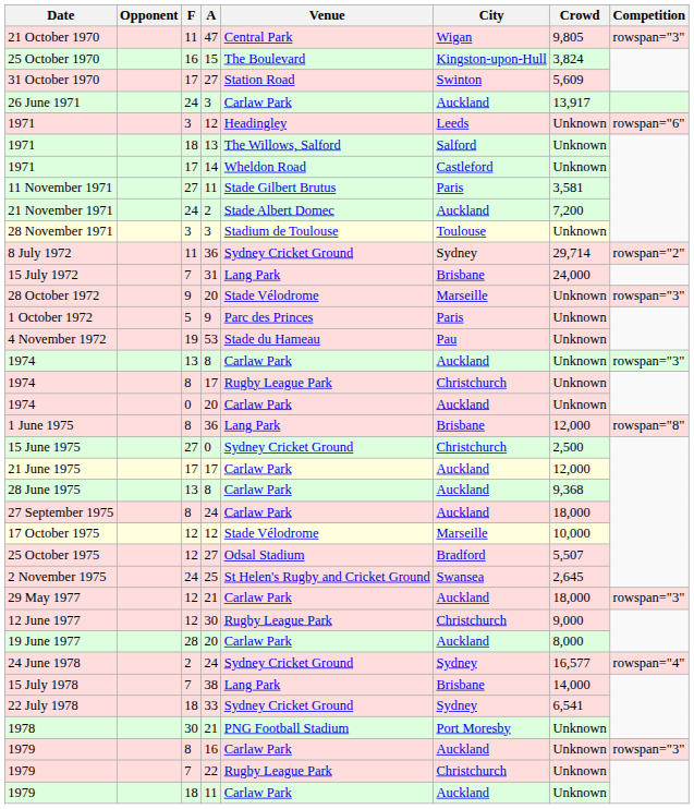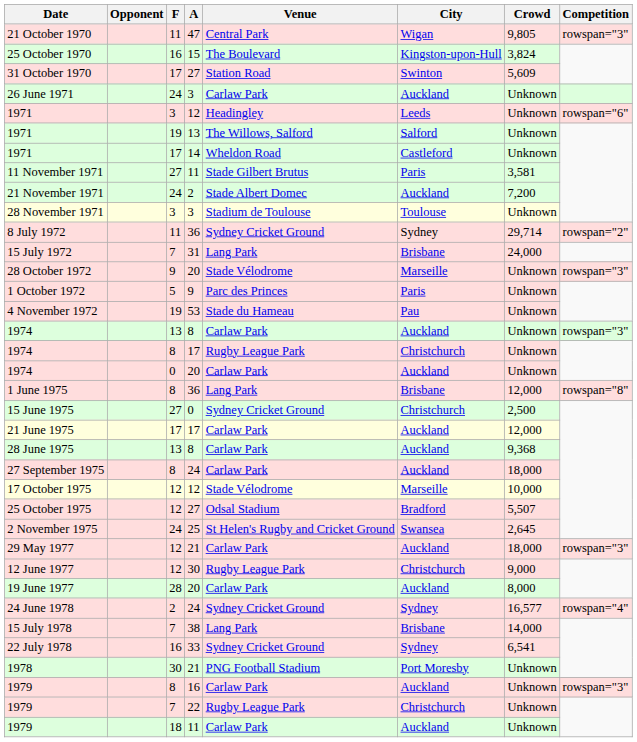 <table class="wikitable sortable">
 <tr>
 <th>Date</th>
 <th>Opponent</th>
 <th>F</th>
 <th>A</th>
 <th>Venue</th>
 <th>City</th>
 <th>Crowd</th>
 <th>Competition</th>
 </tr>
 <tr style="background:#ffdddd;">
 <td>21 October 1970</td>
 <td></td>
 <td>11</td>
 <td>47</td>
 <td><a href='#'>Central Park</a></td>
 <td><a href='#'>Wigan</a></td>
 <td>9,805</td>
 <td>rowspan="3" </td>
 </tr>
 <tr style="background:#ddffdd;">
 <td>25 October 1970</td>
 <td></td>
 <td>16</td>
 <td>15</td>
 <td><a href='#'>The Boulevard</a></td>
 <td><a href='#'>Kingston-upon-Hull</a></td>
 <td>3,824</td>
 </tr>
 <tr style="background:#ffdddd;">
 <td>31 October 1970</td>
 <td></td>
 <td>17</td>
 <td>27</td>
 <td><a href='#'>Station Road</a></td>
 <td><a href='#'>Swinton</a></td>
 <td>5,609</td>
 </tr>
 <tr style="background:#ddffdd;">
 <td>26 June 1971</td>
 <td></td>
 <td>24</td>
 <td>3</td>
 <td><a href='#'>Carlaw Park</a></td>
 <td><a href='#'>Auckland</a></td>
-<td>13,917</td>
+<td>Unknown</td>
 <td></td>
 </tr>
 <tr style="background:#ffdddd;">
 <td>1971</td>
 <td></td>
 <td>3</td>
 <td>12</td>
 <td><a href='#'>Headingley</a></td>
 <td><a href='#'>Leeds</a></td>
 <td>Unknown</td>
 <td>rowspan="6" </td>
 </tr>
 <tr style="background:#ddffdd;">
 <td>1971</td>
 <td></td>
-<td>18</td>
+<td>19</td>
 <td>13</td>
 <td><a href='#'>The Willows, Salford</a></td>
 <td><a href='#'>Salford</a></td>
 <td>Unknown</td>
 </tr>
 <tr style="background:#ddffdd;">
 <td>1971</td>
 <td></td>
 <td>17</td>
 <td>14</td>
 <td><a href='#'>Wheldon Road</a></td>
 <td><a href='#'>Castleford</a></td>
 <td>Unknown</td>
 </tr>
 <tr style="background:#ddffdd;">
 <td>11 November 1971</td>
 <td></td>
 <td>27</td>
 <td>11</td>
 <td><a href='#'>Stade Gilbert Brutus</a></td>
 <td><a href='#'>Paris</a></td>
 <td>3,581</td>
 </tr>
 <tr style="background:#ddffdd;">
 <td>21 November 1971</td>
 <td></td>
 <td>24</td>
 <td>2</td>
 <td><a href='#'>Stade Albert Domec</a></td>
 <td><a href='#'>Auckland</a></td>
 <td>7,200</td>
 </tr>
 <tr style="background:#ffffdd;">
 <td>28 November 1971</td>
 <td></td>
 <td>3</td>
 <td>3</td>
 <td><a href='#'>Stadium de Toulouse</a></td>
 <td><a href='#'>Toulouse</a></td>
 <td>Unknown</td>
 </tr>
 <tr style="background:#ffdddd;">
 <td>8 July 1972</td>
 <td></td>
 <td>11</td>
 <td>36</td>
 <td><a href='#'>Sydney Cricket Ground</a></td>
 <td>Sydney</td>
 <td>29,714</td>
 <td>rowspan="2" </td>
 </tr>
 <tr style="background:#ffdddd;">
 <td>15 July 1972</td>
 <td></td>
 <td>7</td>
 <td>31</td>
 <td><a href='#'>Lang Park</a></td>
 <td><a href='#'>Brisbane</a></td>
 <td>24,000</td>
 </tr>
 <tr style="background:#ffdddd;">
 <td>28 October 1972</td>
 <td></td>
 <td>9</td>
 <td>20</td>
 <td><a href='#'>Stade Vélodrome</a></td>
 <td><a href='#'>Marseille</a></td>
 <td>Unknown</td>
 <td>rowspan="3" </td>
 </tr>
 <tr style="background:#ffdddd;">
 <td>1 October 1972</td>
 <td></td>
 <td>5</td>
 <td>9</td>
 <td><a href='#'>Parc des Princes</a></td>
 <td><a href='#'>Paris</a></td>
 <td>Unknown</td>
 </tr>
 <tr style="background:#ffdddd;">
 <td>4 November 1972</td>
 <td></td>
 <td>19</td>
 <td>53</td>
 <td><a href='#'>Stade du Hameau</a></td>
 <td><a href='#'>Pau</a></td>
 <td>Unknown</td>
 </tr>
 <tr style="background:#ddffdd;">
 <td>1974</td>
 <td></td>
 <td>13</td>
 <td>8</td>
 <td><a href='#'>Carlaw Park</a></td>
 <td><a href='#'>Auckland</a></td>
 <td>Unknown</td>
 <td>rowspan="3" </td>
 </tr>
 <tr style="background:#ffdddd;">
 <td>1974</td>
 <td></td>
 <td>8</td>
 <td>17</td>
 <td><a href='#'>Rugby League Park</a></td>
 <td><a href='#'>Christchurch</a></td>
 <td>Unknown</td>
 </tr>
 <tr style="background:#ffdddd;">
 <td>1974</td>
 <td></td>
 <td>0</td>
 <td>20</td>
 <td><a href='#'>Carlaw Park</a></td>
 <td><a href='#'>Auckland</a></td>
 <td>Unknown</td>
 </tr>
 <tr style="background:#ffdddd;">
 <td>1 June 1975</td>
 <td></td>
 <td>8</td>
 <td>36</td>
 <td><a href='#'>Lang Park</a></td>
 <td><a href='#'>Brisbane</a></td>
 <td>12,000</td>
 <td>rowspan="8" </td>
 </tr>
 <tr style="background:#ddffdd;">
 <td>15 June 1975</td>
 <td></td>
 <td>27</td>
 <td>0</td>
 <td><a href='#'>Sydney Cricket Ground</a></td>
 <td><a href='#'>Christchurch</a></td>
 <td>2,500</td>
 </tr>
 <tr style="background:#ffffdd;">
 <td>21 June 1975</td>
 <td></td>
 <td>17</td>
 <td>17</td>
 <td><a href='#'>Carlaw Park</a></td>
 <td><a href='#'>Auckland</a></td>
 <td>12,000</td>
 </tr>
 <tr style="background:#ddffdd;">
 <td>28 June 1975</td>
 <td></td>
 <td>13</td>
 <td>8</td>
 <td><a href='#'>Carlaw Park</a></td>
 <td><a href='#'>Auckland</a></td>
 <td>9,368</td>
 </tr>
 <tr style="background:#ffdddd;">
 <td>27 September 1975</td>
 <td></td>
 <td>8</td>
 <td>24</td>
 <td><a href='#'>Carlaw Park</a></td>
 <td><a href='#'>Auckland</a></td>
 <td>18,000</td>
 </tr>
 <tr style="background:#ffffdd;">
 <td>17 October 1975</td>
 <td></td>
 <td>12</td>
 <td>12</td>
 <td><a href='#'>Stade Vélodrome</a></td>
 <td><a href='#'>Marseille</a></td>
 <td>10,000</td>
 </tr>
 <tr style="background:#ffdddd;">
 <td>25 October 1975</td>
 <td></td>
 <td>12</td>
 <td>27</td>
 <td><a href='#'>Odsal Stadium</a></td>
 <td><a href='#'>Bradford</a></td>
 <td>5,507</td>
 </tr>
 <tr style="background:#ffdddd;">
 <td>2 November 1975</td>
 <td></td>
 <td>24</td>
 <td>25</td>
 <td><a href='#'>St Helen's Rugby and Cricket Ground</a></td>
 <td><a href='#'>Swansea</a></td>
 <td>2,645</td>
 </tr>
 <tr style="background:#ffdddd;">
 <td>29 May 1977</td>
 <td></td>
 <td>12</td>
 <td>21</td>
 <td><a href='#'>Carlaw Park</a></td>
 <td><a href='#'>Auckland</a></td>
 <td>18,000</td>
 <td>rowspan="3" </td>
 </tr>
 <tr style="background:#ffdddd;">
 <td>12 June 1977</td>
 <td></td>
 <td>12</td>
 <td>30</td>
 <td><a href='#'>Rugby League Park</a></td>
 <td><a href='#'>Christchurch</a></td>
 <td>9,000</td>
 </tr>
 <tr style="background:#ddffdd;">
 <td>19 June 1977</td>
 <td></td>
 <td>28</td>
 <td>20</td>
 <td><a href='#'>Carlaw Park</a></td>
 <td><a href='#'>Auckland</a></td>
 <td>8,000</td>
 </tr>
 <tr style="background:#ffdddd;">
 <td>24 June 1978</td>
 <td></td>
 <td>2</td>
 <td>24</td>
 <td><a href='#'>Sydney Cricket Ground</a></td>
 <td><a href='#'>Sydney</a></td>
 <td>16,577</td>
 <td>rowspan="4" </td>
 </tr>
 <tr style="background:#ffdddd;">
 <td>15 July 1978</td>
 <td></td>
 <td>7</td>
 <td>38</td>
 <td><a href='#'>Lang Park</a></td>
 <td><a href='#'>Brisbane</a></td>
 <td>14,000</td>
 </tr>
 <tr style="background:#ffdddd;">
 <td>22 July 1978</td>
 <td></td>
-<td>18</td>
+<td>16</td>
 <td>33</td>
 <td><a href='#'>Sydney Cricket Ground</a></td>
 <td><a href='#'>Sydney</a></td>
 <td>6,541</td>
 </tr>
 <tr style="background:#ddffdd;">
 <td>1978</td>
 <td></td>
 <td>30</td>
 <td>21</td>
 <td><a href='#'>PNG Football Stadium</a></td>
 <td><a href='#'>Port Moresby</a></td>
 <td>Unknown</td>
 </tr>
 <tr style="background:#ffdddd;">
 <td>1979</td>
 <td></td>
 <td>8</td>
 <td>16</td>
 <td><a href='#'>Carlaw Park</a></td>
 <td><a href='#'>Auckland</a></td>
 <td>Unknown</td>
 <td>rowspan="3" </td>
 </tr>
 <tr style="background:#ffdddd;">
 <td>1979</td>
 <td></td>
 <td>7</td>
 <td>22</td>
 <td><a href='#'>Rugby League Park</a></td>
 <td><a href='#'>Christchurch</a></td>
 <td>Unknown</td>
 </tr>
 <tr style="background:#ddffdd;">
 <td>1979</td>
 <td></td>
 <td>18</td>
 <td>11</td>
 <td><a href='#'>Carlaw Park</a></td>
 <td><a href='#'>Auckland</a></td>
 <td>Unknown</td>
 </tr>
 </table>
